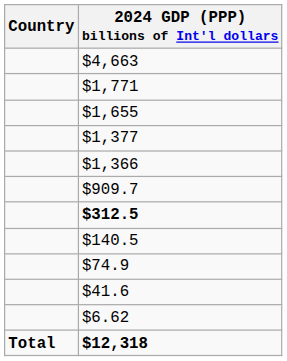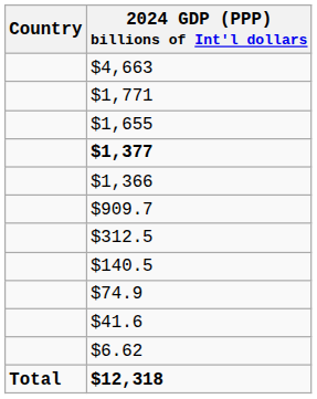 <table class="sortable wikitable sticky-header static-row-numbers col1left" >
 <tr>
 <th>Country</th>
 <th>2024 GDP (PPP)<br><small>billions of <a href='#'>Int'l dollars</a></small></th>
 </tr>
 <tr>
 <td></td>
 <td>$4,663</td>
 </tr>
 <tr>
 <td></td>
 <td>$1,771</td>
 </tr>
 <tr>
 <td></td>
 <td>$1,655</td>
 </tr>
 <tr>
 <td></td>
-<td>$1,377</td>
+<td><strong>$1,377</strong></td>
 </tr>
 <tr>
 <td></td>
 <td>$1,366</td>
 </tr>
 <tr>
 <td></td>
 <td>$909.7</td>
 </tr>
 <tr>
 <td></td>
-<td><strong>$312.5</strong></td>
+<td>$312.5</td>
 </tr>
 <tr>
 <td></td>
 <td>$140.5</td>
 </tr>
 <tr>
 <td></td>
 <td>$74.9</td>
 </tr>
 <tr>
 <td></td>
 <td>$41.6</td>
 </tr>
 <tr>
 <td></td>
 <td>$6.62</td>
 </tr>
 <tr class="static-row-numbers-norank">
 <td><strong> Total </strong></td>
 <td><strong>$12,318</strong></td>
 </tr>
 </table>
